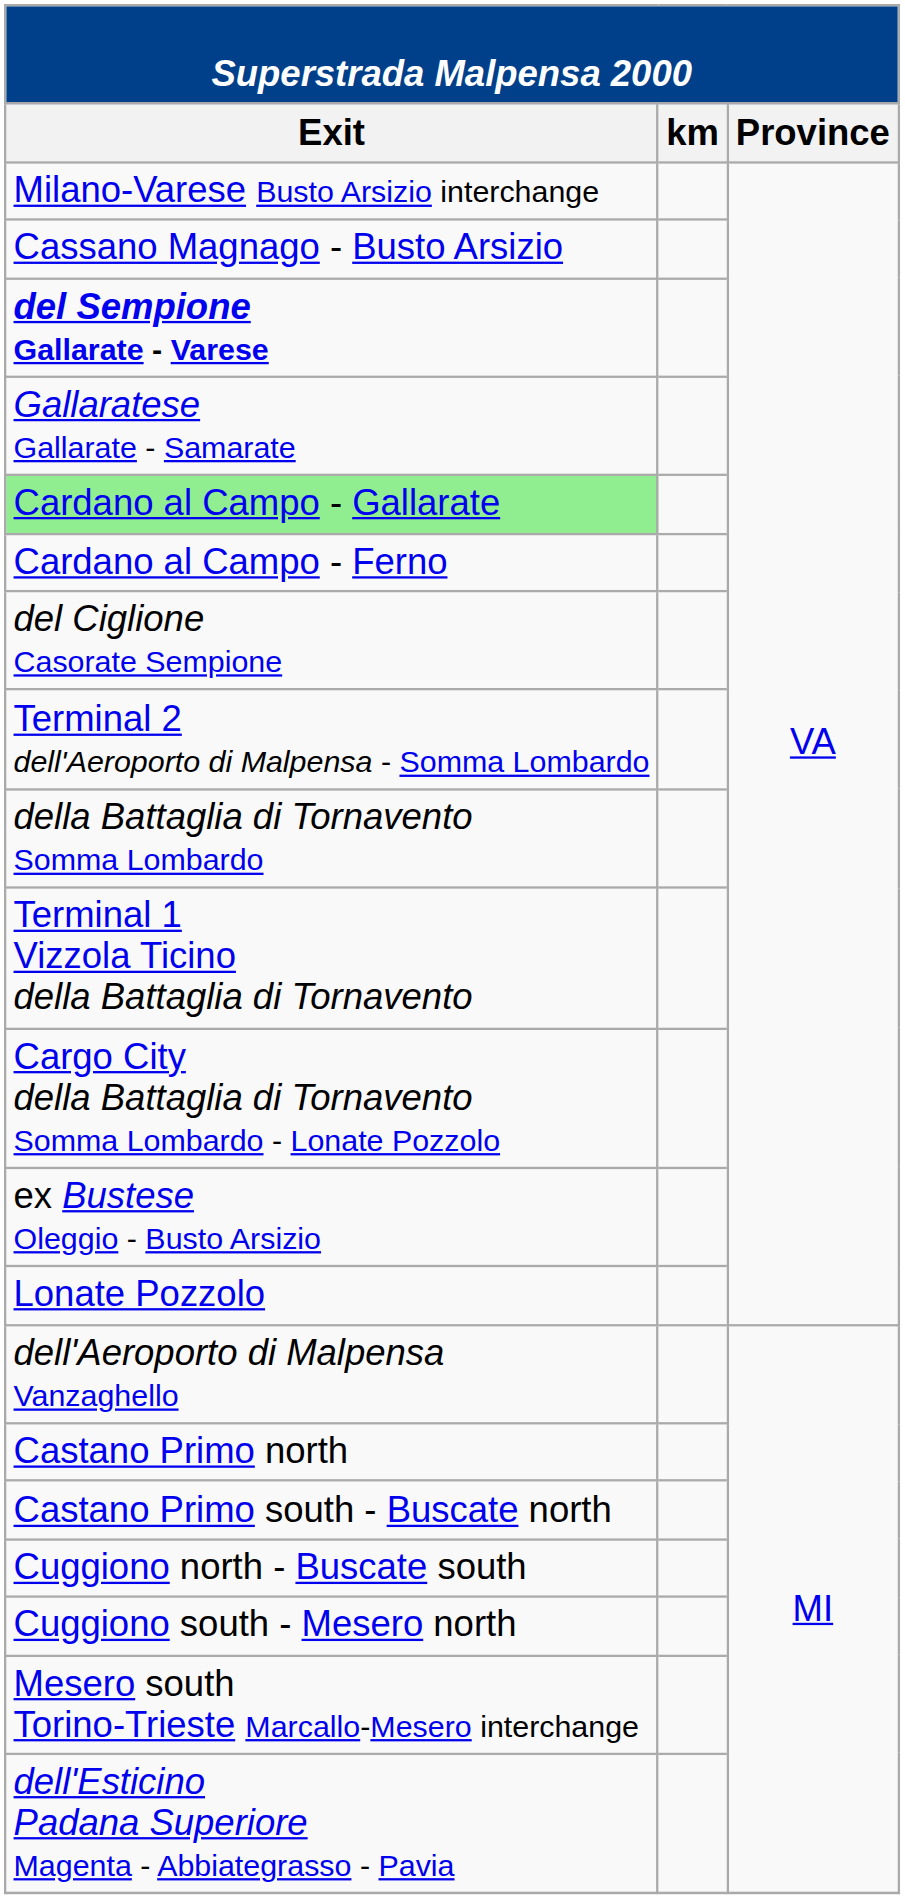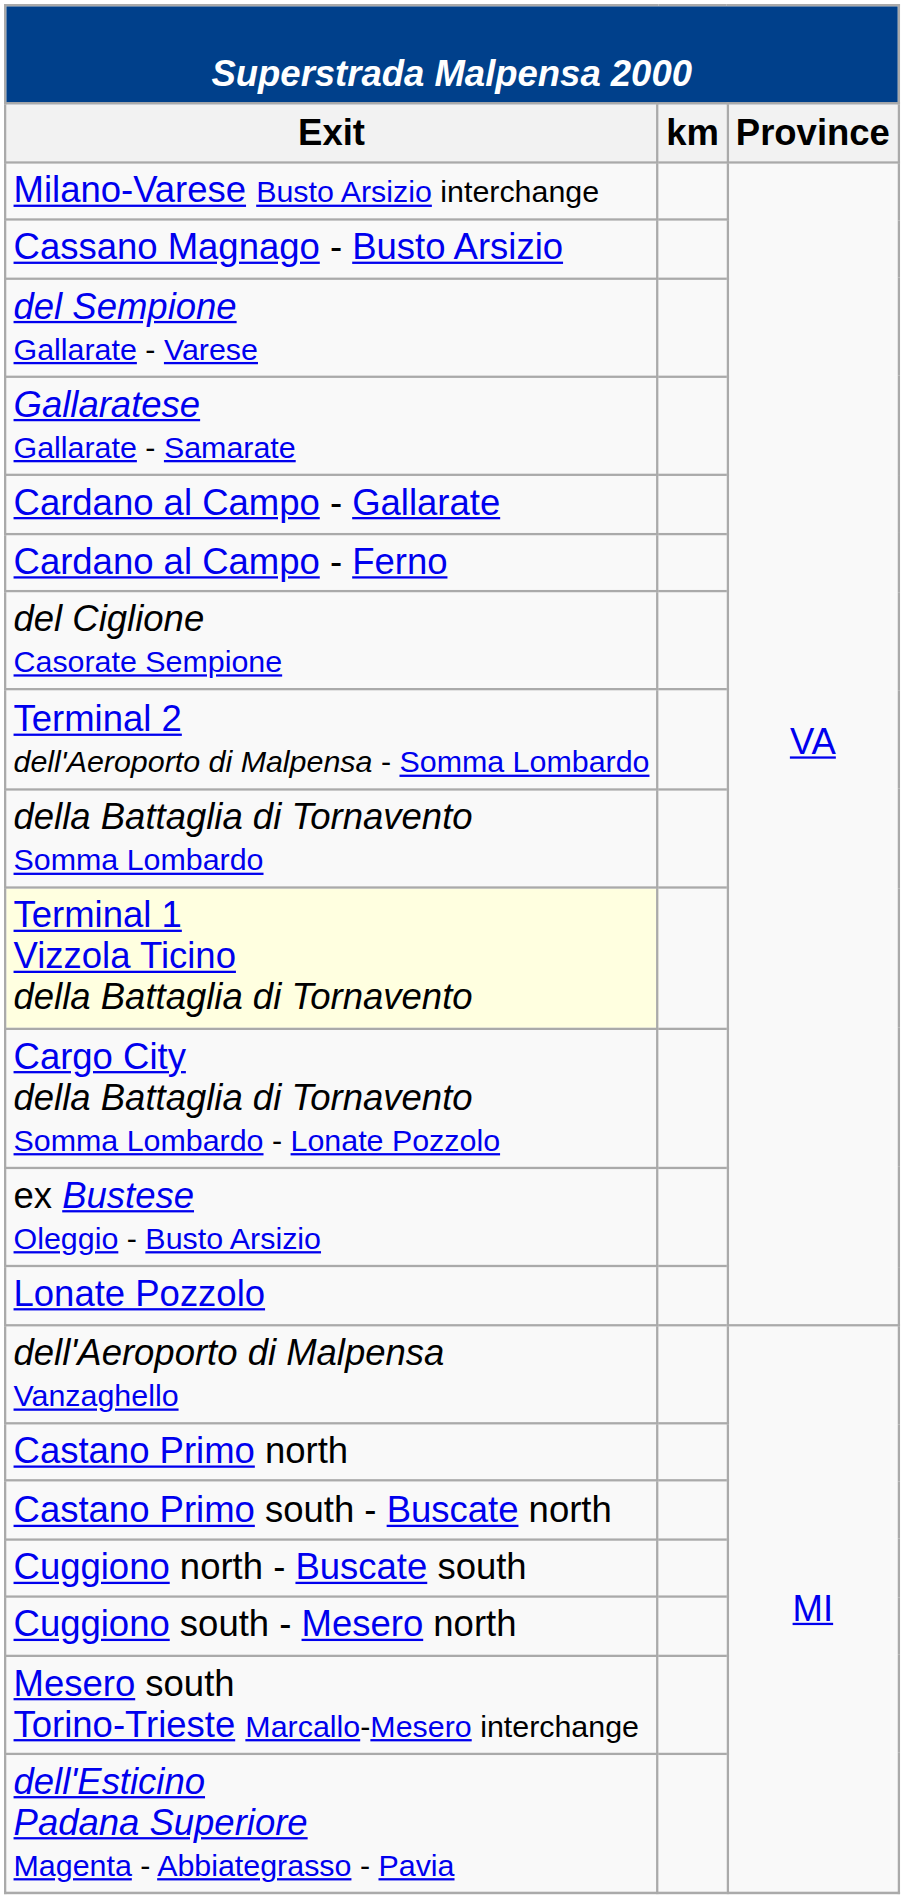 <table class="wikitable">
 <tr align="center" bgcolor="00408B" style="color: white;font-size:100%;">
 <td colspan="4">  <br><strong><em>Superstrada Malpensa 2000</em></strong></td>
 </tr>
 <tr>
 <th>Exit</th>
 <th>km</th>
 <th>Province</th>
 </tr>
 <tr>
 <td>   <a href='#'>Milano-Varese</a> <small><a href='#'>Busto Arsizio</a> interchange</small></td>
 <td align="right"></td>
 <td align="center" rowspan=13><a href='#'>VA</a></td>
 </tr>
 <tr>
 <td> <a href='#'>Cassano Magnago</a> - <a href='#'>Busto Arsizio</a></td>
 <td align="right"></td>
 </tr>
 <tr>
-<td><strong>  <em><a href='#'>del Sempione</a></em><br><small><a href='#'>Gallarate</a> - <a href='#'>Varese</a></small></strong></td>
+<td>  <em><a href='#'>del Sempione</a></em><br><small><a href='#'>Gallarate</a> - <a href='#'>Varese</a></small></td>
 <td align="right"></td>
 </tr>
 <tr>
 <td>  <em><a href='#'>Gallaratese</a></em><br><small><a href='#'>Gallarate</a> - <a href='#'>Samarate</a></small></td>
 <td align="right"></td>
 </tr>
 <tr>
-<td style="background: lightgreen;"> <a href='#'>Cardano al Campo</a> - <a href='#'>Gallarate</a></td>
+<td> <a href='#'>Cardano al Campo</a> - <a href='#'>Gallarate</a></td>
 <td align="right"></td>
 </tr>
 <tr>
 <td> <a href='#'>Cardano al Campo</a> - <a href='#'>Ferno</a></td>
 <td align="right"></td>
 </tr>
 <tr>
 <td>  <em>del Ciglione</em><br><small><a href='#'>Casorate Sempione</a></small></td>
 <td align="right"></td>
 </tr>
 <tr>
 <td>  <a href='#'>Terminal 2</a><br><small> <em>dell'Aeroporto di Malpensa</em> - <a href='#'>Somma Lombardo</a></small></td>
 <td align="right"></td>
 </tr>
 <tr>
 <td>  <em>della Battaglia di Tornavento</em><br><small><a href='#'>Somma Lombardo</a></small></td>
 <td align="right"></td>
 </tr>
 <tr>
-<td>  <a href='#'>Terminal 1</a><br><a href='#'>Vizzola Ticino</a><br> <em>della Battaglia di Tornavento</em></td>
+<td style="background: lightyellow;">  <a href='#'>Terminal 1</a><br><a href='#'>Vizzola Ticino</a><br> <em>della Battaglia di Tornavento</em></td>
 <td align="right"></td>
 </tr>
 <tr>
 <td>  <a href='#'>Cargo City</a><br> <em>della Battaglia di Tornavento</em><br><small><a href='#'>Somma Lombardo</a> - <a href='#'>Lonate Pozzolo</a></small></td>
 <td align="right"></td>
 </tr>
 <tr>
 <td> ex  <em><a href='#'>Bustese</a></em><br><small><a href='#'>Oleggio</a> - <a href='#'>Busto Arsizio</a></small></td>
 <td align="right"></td>
 </tr>
 <tr>
 <td> <a href='#'>Lonate Pozzolo</a></td>
 <td align="right"></td>
 </tr>
 <tr>
 <td>  <em>dell'Aeroporto di Malpensa</em><br><small><a href='#'>Vanzaghello</a></small></td>
 <td align="right"></td>
 <td align="center" rowspan="7"><a href='#'>MI</a></td>
 </tr>
 <tr>
 <td> <a href='#'>Castano Primo</a> north</td>
 <td align="right"></td>
 </tr>
 <tr>
 <td> <a href='#'>Castano Primo</a> south - <a href='#'>Buscate</a> north</td>
 <td align="right"></td>
 </tr>
 <tr>
 <td> <a href='#'>Cuggiono</a> north - <a href='#'>Buscate</a> south</td>
 <td align="right"></td>
 </tr>
 <tr>
 <td> <a href='#'>Cuggiono</a> south - <a href='#'>Mesero</a> north</td>
 <td align="right"></td>
 </tr>
 <tr>
 <td>  <a href='#'>Mesero</a> south<br>  <a href='#'>Torino-Trieste</a> <small><a href='#'>Marcallo</a>-<a href='#'>Mesero</a> interchange</small></td>
 <td align="right"></td>
 </tr>
 <tr>
 <td>  <em><a href='#'>dell'Esticino</a></em><br> <em><a href='#'>Padana Superiore</a></em><br><small><a href='#'>Magenta</a> - <a href='#'>Abbiategrasso</a> - <a href='#'>Pavia</a></small></td>
 <td align="right"></td>
 </tr>
 <tr>
 </tr>
 </table>
